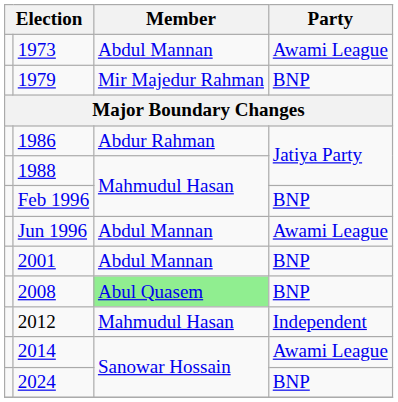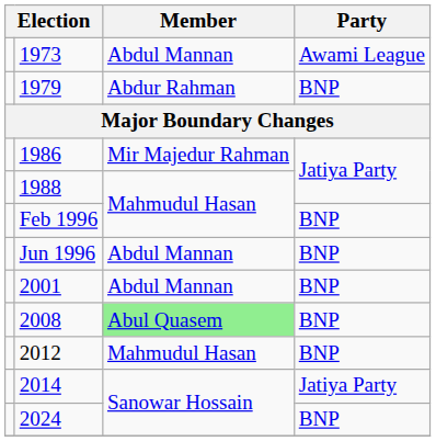 <table class="wikitable">
 <tr>
 <th colspan="2">Election</th>
 <th>Member</th>
 <th>Party</th>
 </tr>
 <tr>
 <td style="background-color:"></td>
 <td><a href='#'>1973</a></td>
 <td><a href='#'>Abdul Mannan</a></td>
 <td><a href='#'>Awami League</a></td>
 </tr>
 <tr>
 <td style="background-color:"></td>
 <td><a href='#'>1979</a></td>
-<td><a href='#'>Mir Majedur Rahman</a></td>
+<td><a href='#'>Abdur Rahman</a></td>
 <td><a href='#'>BNP</a></td>
 </tr>
 <tr>
 <th colspan="4">Major Boundary Changes</th>
 </tr>
 <tr>
 <td style="background-color:"></td>
 <td><a href='#'>1986</a></td>
-<td><a href='#'>Abdur Rahman</a></td>
+<td><a href='#'>Mir Majedur Rahman</a></td>
 <td rowspan="2"><a href='#'>Jatiya Party</a></td>
 </tr>
 <tr>
 <td style="background-color:"></td>
 <td><a href='#'>1988</a></td>
 <td rowspan="2"><a href='#'>Mahmudul Hasan</a></td>
 </tr>
 <tr>
 <td style="background-color:"></td>
 <td><a href='#'>Feb 1996</a></td>
 <td><a href='#'>BNP</a></td>
 </tr>
 <tr>
 <td style="background-color:"></td>
 <td><a href='#'>Jun 1996</a></td>
 <td><a href='#'>Abdul Mannan</a></td>
-<td><a href='#'>Awami League</a></td>
+<td><a href='#'>BNP</a></td>
 </tr>
 <tr>
 <td style="background-color:"></td>
 <td><a href='#'>2001</a></td>
 <td><a href='#'>Abdul Mannan</a></td>
 <td><a href='#'>BNP</a></td>
 </tr>
 <tr>
 <td style="background-color:"></td>
 <td><a href='#'>2008</a></td>
 <td style="background: lightgreen;"><a href='#'>Abul Quasem</a></td>
 <td><a href='#'>BNP</a></td>
 </tr>
 <tr>
 <td style="background-color:"></td>
 <td>2012</td>
 <td><a href='#'>Mahmudul Hasan</a></td>
-<td><a href='#'>Independent</a></td>
+<td><a href='#'>BNP</a></td>
 </tr>
 <tr>
 <td style="background-color:"></td>
 <td><a href='#'>2014</a></td>
 <td rowspan="2"><a href='#'>Sanowar Hossain</a></td>
-<td><a href='#'>Awami League</a></td>
+<td><a href='#'>Jatiya Party</a></td>
 </tr>
 <tr>
 <td style="background-color:"></td>
 <td><a href='#'>2024</a></td>
 <td><a href='#'>BNP</a></td>
 </tr>
 <tr>
 </tr>
 </table>
